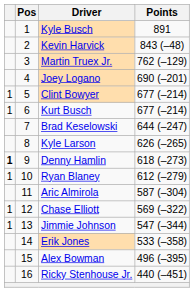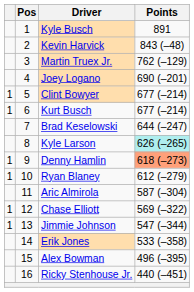 <table class="wikitable" style="font-size: 95%">
 <tr>
 <th></th>
 <th>Pos</th>
 <th>Driver</th>
 <th>Points</th>
 </tr>
 <tr>
 <td align="left"></td>
 <td style="text-align:center;">1</td>
 <td style="background:#FFDEAD;"><a href='#'>Kyle Busch</a></td>
 <td style="text-align:center;">891</td>
 </tr>
 <tr>
 <td align="left"></td>
 <td style="text-align:center;">2</td>
 <td style="background:#FFDEAD;"><a href='#'>Kevin Harvick</a></td>
 <td style="text-align:center;">843 (–48)</td>
 </tr>
 <tr>
 <td align="left"></td>
 <td style="text-align:center;">3</td>
 <td style="background:#FFDEAD;"><a href='#'>Martin Truex Jr.</a></td>
 <td style="text-align:center;">762 (–129)</td>
 </tr>
 <tr>
 <td align="left"></td>
 <td style="text-align:center;">4</td>
 <td style="background:#FFDEAD;"><a href='#'>Joey Logano</a></td>
 <td style="text-align:center;">690 (–201)</td>
 </tr>
 <tr>
 <td align="left"> 1</td>
 <td style="text-align:center;">5</td>
 <td style="background:#FFDEAD;"><a href='#'>Clint Bowyer</a></td>
 <td style="text-align:center;">677 (–214)</td>
 </tr>
 <tr>
 <td align="left"> 1</td>
 <td style="text-align:center;">6</td>
 <td><a href='#'>Kurt Busch</a></td>
 <td style="text-align:center;">677 (–214)</td>
 </tr>
 <tr>
 <td align="left"></td>
 <td style="text-align:center;">7</td>
 <td><a href='#'>Brad Keselowski</a></td>
 <td style="text-align:center;">644 (–247)</td>
 </tr>
 <tr>
 <td align="left"></td>
 <td style="text-align:center;">8</td>
 <td><a href='#'>Kyle Larson</a></td>
-<td style="text-align:center;">626 (–265)</td>
+<td style="background: paleturquoise; text-align:center;">626 (–265)</td>
 </tr>
 <tr>
-<td align="left"><strong> 1</strong></td>
+<td align="left"> 1</td>
 <td style="text-align:center;">9</td>
 <td><a href='#'>Denny Hamlin</a></td>
-<td style="text-align:center;">618 (–273)</td>
+<td style="background: lightsalmon; text-align:center;">618 (–273)</td>
 </tr>
 <tr>
 <td align="left"> 1</td>
 <td style="text-align:center;">10</td>
 <td><a href='#'>Ryan Blaney</a></td>
 <td style="text-align:center;">612 (–279)</td>
 </tr>
 <tr>
 <td align="left"></td>
 <td style="text-align:center;">11</td>
 <td><a href='#'>Aric Almirola</a></td>
 <td style="text-align:center;">587 (–304)</td>
 </tr>
 <tr>
 <td align="left"> 1</td>
 <td style="text-align:center;">12</td>
 <td><a href='#'>Chase Elliott</a></td>
 <td style="text-align:center;">569 (–322)</td>
 </tr>
 <tr>
 <td align="left"> 1</td>
 <td style="text-align:center;">13</td>
 <td><a href='#'>Jimmie Johnson</a></td>
 <td style="text-align:center;">547 (–344)</td>
 </tr>
 <tr>
 <td align="left"></td>
 <td style="text-align:center;">14</td>
 <td style="background:#FFDEAD;"><a href='#'>Erik Jones</a></td>
 <td style="text-align:center;">533 (–358)</td>
 </tr>
 <tr>
 <td align="left"></td>
 <td style="text-align:center;">15</td>
 <td><a href='#'>Alex Bowman</a></td>
 <td style="text-align:center;">496 (–395)</td>
 </tr>
 <tr>
 <td align="left"></td>
 <td style="text-align:center;">16</td>
 <td><a href='#'>Ricky Stenhouse Jr.</a></td>
 <td style="text-align:center;">440 (–451)</td>
 </tr>
 <tr class="sortbottom">
 <th colspan="9"></th>
 </tr>
 </table>
